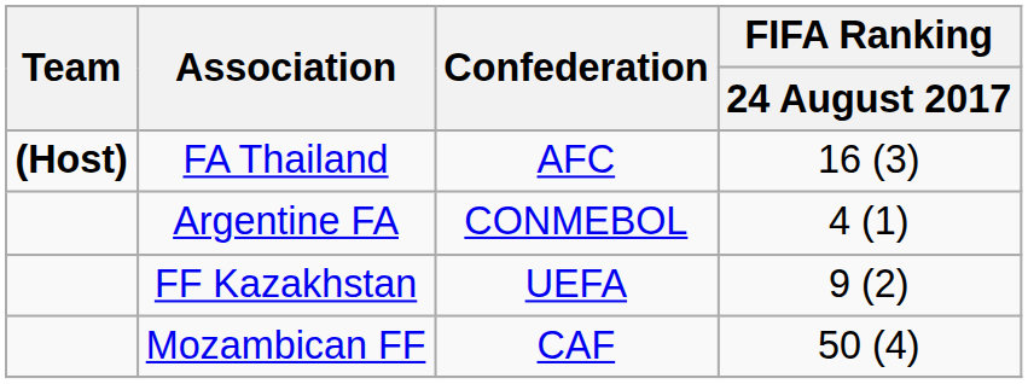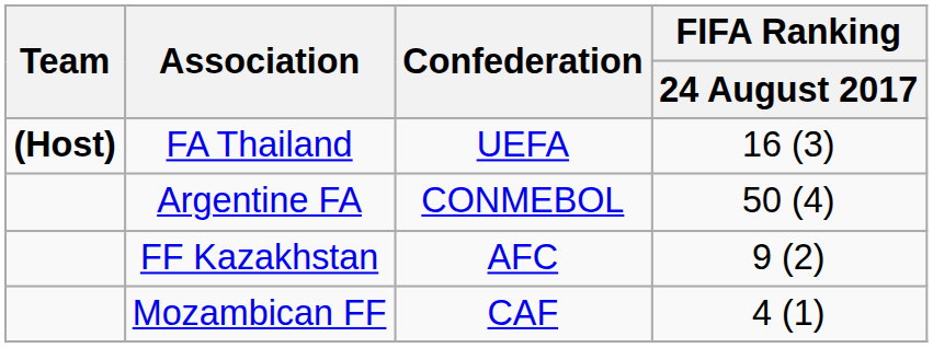 <table class="wikitable">
 <tr>
 <th rowspan=2>Team</th>
 <th rowspan=2>Association</th>
 <th rowspan=2>Confederation</th>
 <th colspan=2>FIFA Ranking</th>
 </tr>
 <tr>
 <th>24 August 2017</th>
 </tr>
 <tr>
 <td><strong> (Host)</strong></td>
 <td align=center><a href='#'>FA Thailand</a></td>
-<td align=center><a href='#'>AFC</a></td>
+<td align=center><a href='#'>UEFA</a></td>
 <td align=center>16 (3)</td>
 </tr>
 <tr>
 <td></td>
 <td align=center><a href='#'>Argentine FA</a></td>
 <td align=center><a href='#'>CONMEBOL</a></td>
-<td align=center>4 (1)</td>
+<td align=center>50 (4)</td>
 </tr>
 <tr>
 <td></td>
 <td align=center><a href='#'>FF Kazakhstan</a></td>
-<td align=center><a href='#'>UEFA</a></td>
+<td align=center><a href='#'>AFC</a></td>
 <td align=center>9 (2)</td>
 </tr>
 <tr>
 <td></td>
 <td align=center><a href='#'>Mozambican FF</a></td>
 <td align=center><a href='#'>CAF</a></td>
-<td align=center>50 (4)</td>
+<td align=center>4 (1)</td>
 </tr>
 <tr>
 </tr>
 </table>
